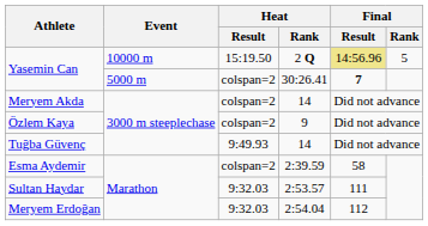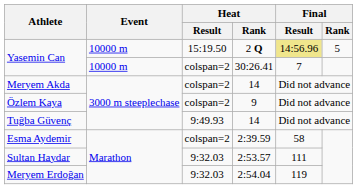 <table class="wikitable" style="font-size:90%">
 <tr>
 <th rowspan="2">Athlete</th>
 <th rowspan="2">Event</th>
 <th colspan="2">Heat</th>
 <th colspan="2">Final</th>
 </tr>
 <tr style="font-size:95%">
 <th>Result</th>
 <th>Rank</th>
 <th>Result</th>
 <th>Rank</th>
 </tr>
 <tr align=center>
 <td align=left rowspan=2><a href='#'>Yasemin Can</a></td>
 <td align=left><a href='#'>10000 m</a></td>
 <td>15:19.50</td>
 <td>2 <strong>Q</strong></td>
 <td style="background: khaki;">14:56.96</td>
 <td>5</td>
 </tr>
 <tr align=center>
-<td align=left><a href='#'>5000 m</a></td>
+<td align=left><a href='#'>10000 m</a></td>
 <td>colspan=2 </td>
 <td>30:26.41</td>
-<td><strong>7</strong></td>
+<td>7</td>
 </tr>
 <tr align=center>
 <td align=left><a href='#'>Meryem Akda</a></td>
 <td align=left rowspan=3><a href='#'>3000 m steeplechase</a></td>
 <td>colspan=2 </td>
 <td>14</td>
 <td colspan=2>Did not advance</td>
 </tr>
 <tr align=center>
 <td align=left><a href='#'>Özlem Kaya</a></td>
 <td>colspan=2 </td>
 <td>9</td>
 <td colspan=2>Did not advance</td>
 </tr>
 <tr align=center>
 <td align=left><a href='#'>Tuğba Güvenç</a></td>
 <td>9:49.93</td>
 <td>14</td>
 <td colspan=2>Did not advance</td>
 </tr>
 <tr align=center>
 <td align=left><a href='#'>Esma Aydemir</a></td>
 <td align=left rowspan=3><a href='#'>Marathon</a></td>
 <td>colspan=2 </td>
 <td>2:39.59</td>
 <td>58</td>
 </tr>
 <tr align=center>
 <td align=left><a href='#'>Sultan Haydar</a></td>
 <td>9:32.03</td>
 <td>2:53.57</td>
 <td>111</td>
 </tr>
 <tr align=center>
 <td align=left><a href='#'>Meryem Erdoğan</a></td>
 <td>9:32.03</td>
 <td>2:54.04</td>
-<td>112</td>
+<td>119</td>
 </tr>
 </table>
